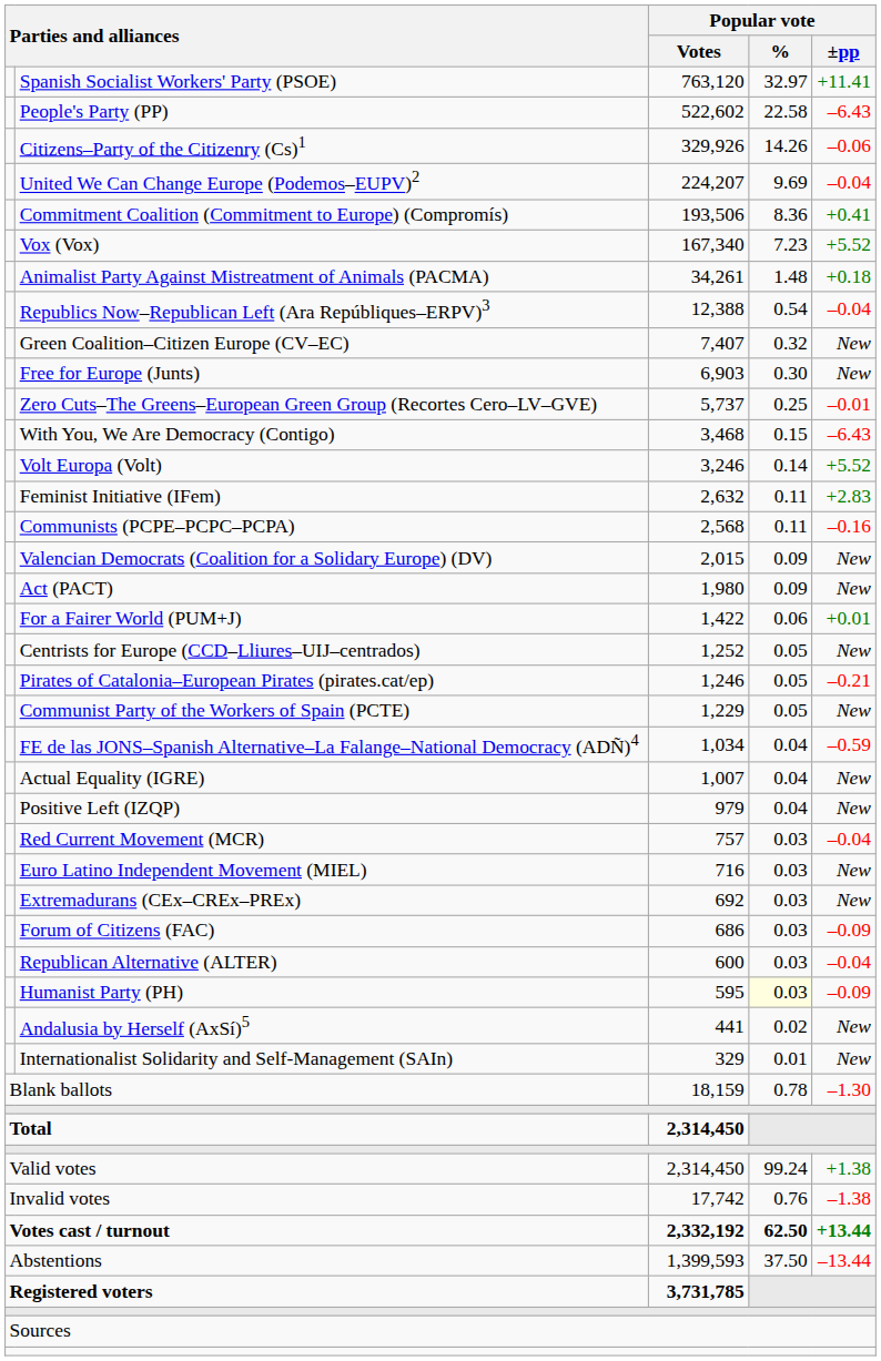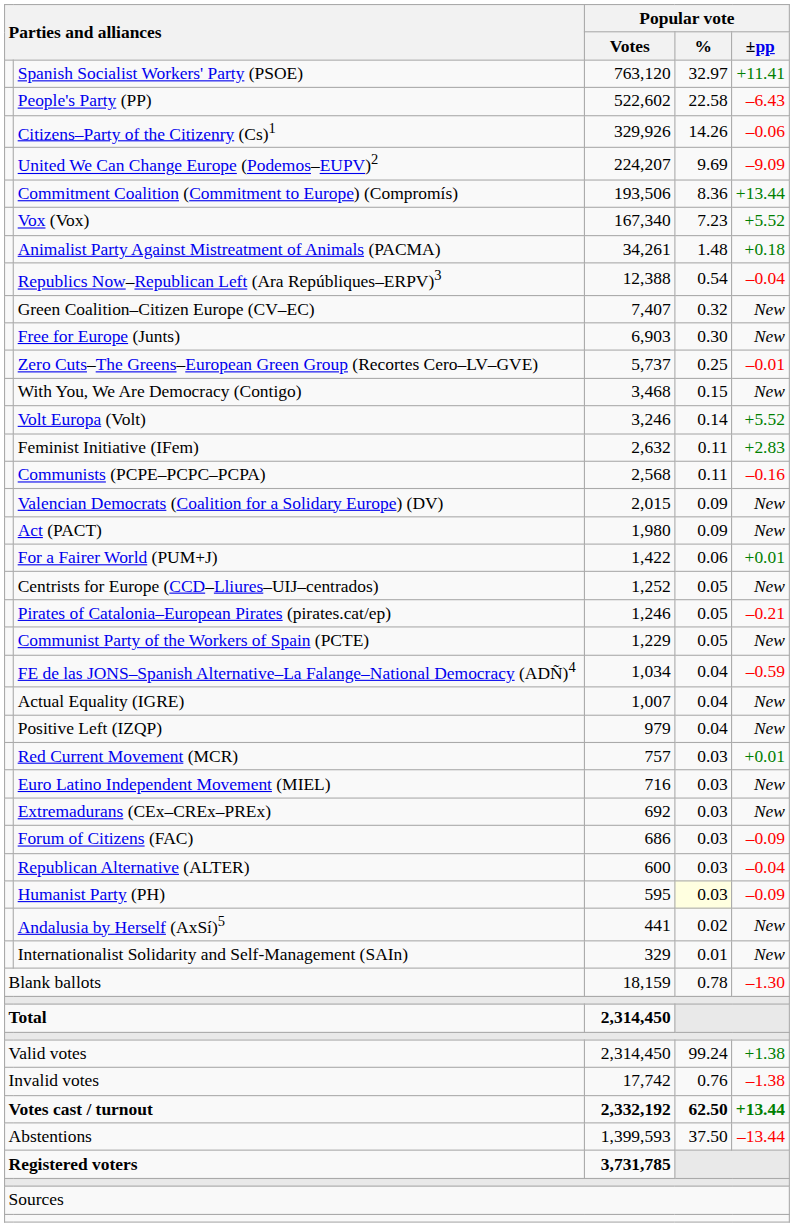 <table class="wikitable" style="text-align:right;">
 <tr>
 <th style="text-align:left;" rowspan="2" colspan="2" width="525">Parties and alliances</th>
 <th colspan="3">Popular vote</th>
 </tr>
 <tr>
 <th width="75">Votes</th>
 <th width="45">%</th>
 <th width="45">±<a href='#'>pp</a></th>
 </tr>
 <tr>
 <td width="1" style="color:inherit;background:"></td>
 <td align="left"><a href='#'>Spanish Socialist Workers' Party</a> (PSOE)</td>
 <td>763,120</td>
 <td>32.97</td>
 <td style="color:green;">+11.41</td>
 </tr>
 <tr>
 <td style="color:inherit;background:"></td>
 <td align="left"><a href='#'>People's Party</a> (PP)</td>
 <td>522,602</td>
 <td>22.58</td>
 <td style="color:red;">–6.43</td>
 </tr>
 <tr>
 <td style="color:inherit;background:"></td>
 <td align="left"><a href='#'>Citizens–Party of the Citizenry</a> (Cs)<sup>1</sup></td>
 <td>329,926</td>
 <td>14.26</td>
 <td style="color:red;">–0.06</td>
 </tr>
 <tr>
 <td style="color:inherit;background:"></td>
 <td align="left"><a href='#'>United We Can Change Europe</a> (<a href='#'>Podemos</a>–<a href='#'>EUPV</a>)<sup>2</sup></td>
 <td>224,207</td>
 <td>9.69</td>
-<td style="color:red;">–0.04</td>
+<td style="color:red;">–9.09</td>
 </tr>
 <tr>
 <td style="color:inherit;background:"></td>
 <td align="left"><a href='#'>Commitment Coalition</a> (<a href='#'>Commitment to Europe</a>) (Compromís)</td>
 <td>193,506</td>
 <td>8.36</td>
-<td style="color:green;">+0.41</td>
+<td style="color:green;">+13.44</td>
 </tr>
 <tr>
 <td style="color:inherit;background:"></td>
 <td align="left"><a href='#'>Vox</a> (Vox)</td>
 <td>167,340</td>
 <td>7.23</td>
 <td style="color:green;">+5.52</td>
 </tr>
 <tr>
 <td style="color:inherit;background:"></td>
 <td align="left"><a href='#'>Animalist Party Against Mistreatment of Animals</a> (PACMA)</td>
 <td>34,261</td>
 <td>1.48</td>
 <td style="color:green;">+0.18</td>
 </tr>
 <tr>
 <td style="color:inherit;background:"></td>
 <td align="left"><a href='#'>Republics Now</a>–<a href='#'>Republican Left</a> (Ara Repúbliques–ERPV)<sup>3</sup></td>
 <td>12,388</td>
 <td>0.54</td>
 <td style="color:red;">–0.04</td>
 </tr>
 <tr>
 <td style="color:inherit;background:"></td>
 <td align="left">Green Coalition–Citizen Europe (CV–EC)</td>
 <td>7,407</td>
 <td>0.32</td>
 <td><em>New</em></td>
 </tr>
 <tr>
 <td style="color:inherit;background:"></td>
 <td align="left"><a href='#'>Free for Europe</a> (Junts)</td>
 <td>6,903</td>
 <td>0.30</td>
 <td><em>New</em></td>
 </tr>
 <tr>
 <td style="color:inherit;background:"></td>
 <td align="left"><a href='#'>Zero Cuts</a>–<a href='#'>The Greens</a>–<a href='#'>European Green Group</a> (Recortes Cero–LV–GVE)</td>
 <td>5,737</td>
 <td>0.25</td>
 <td style="color:red;">–0.01</td>
 </tr>
 <tr>
 <td style="color:inherit;background:"></td>
 <td align="left">With You, We Are Democracy (Contigo)</td>
 <td>3,468</td>
 <td>0.15</td>
-<td style="color:red;">–6.43</td>
+<td><em>New</em></td>
 </tr>
 <tr>
 <td style="color:inherit;background:"></td>
 <td align="left"><a href='#'>Volt Europa</a> (Volt)</td>
 <td>3,246</td>
 <td>0.14</td>
 <td style="color:green;">+5.52</td>
 </tr>
 <tr>
 <td style="color:inherit;background:"></td>
 <td align="left">Feminist Initiative (IFem)</td>
 <td>2,632</td>
 <td>0.11</td>
 <td style="color:green;">+2.83</td>
 </tr>
 <tr>
 <td style="color:inherit;background:"></td>
 <td align="left"><a href='#'>Communists</a> (PCPE–PCPC–PCPA)</td>
 <td>2,568</td>
 <td>0.11</td>
 <td style="color:red;">–0.16</td>
 </tr>
 <tr>
 <td style="color:inherit;background:"></td>
 <td align="left"><a href='#'>Valencian Democrats</a> (<a href='#'>Coalition for a Solidary Europe</a>) (DV)</td>
 <td>2,015</td>
 <td>0.09</td>
 <td><em>New</em></td>
 </tr>
 <tr>
 <td style="color:inherit;background:"></td>
 <td align="left"><a href='#'>Act</a> (PACT)</td>
 <td>1,980</td>
 <td>0.09</td>
 <td><em>New</em></td>
 </tr>
 <tr>
 <td style="color:inherit;background:"></td>
 <td align="left"><a href='#'>For a Fairer World</a> (PUM+J)</td>
 <td>1,422</td>
 <td>0.06</td>
 <td style="color:green;">+0.01</td>
 </tr>
 <tr>
 <td style="color:inherit;background:"></td>
 <td align="left">Centrists for Europe (<a href='#'>CCD</a>–<a href='#'>Lliures</a>–UIJ–centrados)</td>
 <td>1,252</td>
 <td>0.05</td>
 <td><em>New</em></td>
 </tr>
 <tr>
 <td style="color:inherit;background:"></td>
 <td align="left"><a href='#'>Pirates of Catalonia–European Pirates</a> (pirates.cat/ep)</td>
 <td>1,246</td>
 <td>0.05</td>
 <td style="color:red;">–0.21</td>
 </tr>
 <tr>
 <td style="color:inherit;background:"></td>
 <td align="left"><a href='#'>Communist Party of the Workers of Spain</a> (PCTE)</td>
 <td>1,229</td>
 <td>0.05</td>
 <td><em>New</em></td>
 </tr>
 <tr>
 <td style="color:inherit;background:"></td>
 <td align="left"><a href='#'>FE de las JONS–Spanish Alternative–La Falange–National Democracy</a> (ADÑ)<sup>4</sup></td>
 <td>1,034</td>
 <td>0.04</td>
 <td style="color:red;">–0.59</td>
 </tr>
 <tr>
 <td style="color:inherit;background:"></td>
 <td align="left">Actual Equality (IGRE)</td>
 <td>1,007</td>
 <td>0.04</td>
 <td><em>New</em></td>
 </tr>
 <tr>
 <td style="color:inherit;background:"></td>
 <td align="left">Positive Left (IZQP)</td>
 <td>979</td>
 <td>0.04</td>
 <td><em>New</em></td>
 </tr>
 <tr>
 <td style="color:inherit;background:"></td>
 <td align="left"><a href='#'>Red Current Movement</a> (MCR)</td>
 <td>757</td>
 <td>0.03</td>
-<td style="color:red;">–0.04</td>
+<td style="color:green;">+0.01</td>
 </tr>
 <tr>
 <td style="color:inherit;background:"></td>
 <td align="left"><a href='#'>Euro Latino Independent Movement</a> (MIEL)</td>
 <td>716</td>
 <td>0.03</td>
 <td><em>New</em></td>
 </tr>
 <tr>
 <td style="color:inherit;background:"></td>
 <td align="left"><a href='#'>Extremadurans</a> (CEx–CREx–PREx)</td>
 <td>692</td>
 <td>0.03</td>
 <td><em>New</em></td>
 </tr>
 <tr>
 <td style="color:inherit;background:"></td>
 <td align="left"><a href='#'>Forum of Citizens</a> (FAC)</td>
 <td>686</td>
 <td>0.03</td>
 <td style="color:red;">–0.09</td>
 </tr>
 <tr>
 <td style="color:inherit;background:"></td>
 <td align="left"><a href='#'>Republican Alternative</a> (ALTER)</td>
 <td>600</td>
 <td>0.03</td>
 <td style="color:red;">–0.04</td>
 </tr>
 <tr>
 <td style="color:inherit;background:"></td>
 <td align="left"><a href='#'>Humanist Party</a> (PH)</td>
 <td>595</td>
 <td style="background: lightyellow;">0.03</td>
 <td style="color:red;">–0.09</td>
 </tr>
 <tr>
 <td style="color:inherit;background:"></td>
 <td align="left"><a href='#'>Andalusia by Herself</a> (AxSí)<sup>5</sup></td>
 <td>441</td>
 <td>0.02</td>
 <td><em>New</em></td>
 </tr>
 <tr>
 <td style="color:inherit;background:"></td>
 <td align="left">Internationalist Solidarity and Self-Management (SAIn)</td>
 <td>329</td>
 <td>0.01</td>
 <td><em>New</em></td>
 </tr>
 <tr>
 <td align="left" colspan="2">Blank ballots</td>
 <td>18,159</td>
 <td>0.78</td>
 <td style="color:red;">–1.30</td>
 </tr>
 <tr>
 <td colspan="5" bgcolor="#E9E9E9"></td>
 </tr>
 <tr style="font-weight:bold;">
 <td align="left" colspan="2">Total</td>
 <td>2,314,450</td>
 <td bgcolor="#E9E9E9" colspan="2"></td>
 </tr>
 <tr>
 <td colspan="5" bgcolor="#E9E9E9"></td>
 </tr>
 <tr>
 <td align="left" colspan="2">Valid votes</td>
 <td>2,314,450</td>
 <td>99.24</td>
 <td style="color:green;">+1.38</td>
 </tr>
 <tr>
 <td align="left" colspan="2">Invalid votes</td>
 <td>17,742</td>
 <td>0.76</td>
 <td style="color:red;">–1.38</td>
 </tr>
 <tr style="font-weight:bold;">
 <td align="left" colspan="2">Votes cast / turnout</td>
 <td>2,332,192</td>
 <td>62.50</td>
 <td style="color:green;">+13.44</td>
 </tr>
 <tr>
 <td align="left" colspan="2">Abstentions</td>
 <td>1,399,593</td>
 <td>37.50</td>
 <td style="color:red;">–13.44</td>
 </tr>
 <tr style="font-weight:bold;">
 <td align="left" colspan="2">Registered voters</td>
 <td>3,731,785</td>
 <td bgcolor="#E9E9E9" colspan="2"></td>
 </tr>
 <tr>
 <td colspan="5" bgcolor="#E9E9E9"></td>
 </tr>
 <tr>
 <td align="left" colspan="5">Sources</td>
 </tr>
 <tr>
 <td colspan="5" style="text-align:left; max-width:680px;"></td>
 </tr>
 </table>
